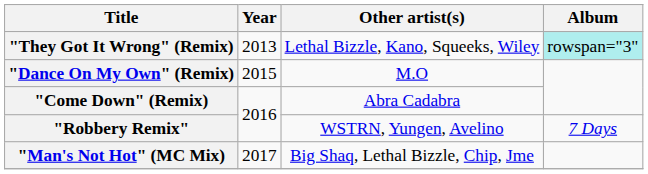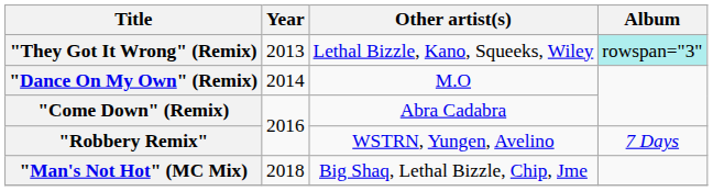 <table class="wikitable plainrowheaders" style="text-align:center;">
 <tr>
 <th scope="col">Title</th>
 <th scope="col">Year</th>
 <th scope="col">Other artist(s)</th>
 <th scope="col">Album</th>
 </tr>
 <tr>
 <th scope="row">"They Got It Wrong" (Remix)</th>
 <td>2013</td>
 <td><a href='#'>Lethal Bizzle</a>, <a href='#'>Kano</a>, Squeeks, <a href='#'>Wiley</a></td>
 <td style="background: paleturquoise;">rowspan="3" </td>
 </tr>
 <tr>
 <th scope="row">"<a href='#'>Dance On My Own</a>" (Remix)</th>
-<td>2015</td>
+<td>2014</td>
 <td><a href='#'>M.O</a></td>
 </tr>
 <tr>
 <th scope="row">"Come Down" (Remix)</th>
 <td rowspan="2">2016</td>
 <td><a href='#'>Abra Cadabra</a></td>
 </tr>
 <tr>
 <th scope="row">"Robbery Remix"</th>
 <td><a href='#'>WSTRN</a>, <a href='#'>Yungen</a>, <a href='#'>Avelino</a></td>
 <td><em><a href='#'>7 Days</a></em></td>
 </tr>
 <tr>
 <th scope="row">"<a href='#'>Man's Not Hot</a>" (MC Mix)</th>
-<td>2017</td>
+<td>2018</td>
 <td><a href='#'>Big Shaq</a>, Lethal Bizzle, <a href='#'>Chip</a>, <a href='#'>Jme</a></td>
 <td></td>
 </tr>
 <tr>
 </tr>
 </table>
